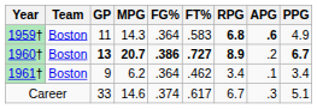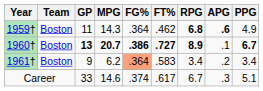 <table class="wikitable sortable" style="font-size:95%; text-align:right;">
 <tr>
 <th>Year</th>
 <th>Team</th>
 <th>GP</th>
 <th>MPG</th>
 <th>FG%</th>
 <th>FT%</th>
 <th>RPG</th>
 <th>APG</th>
 <th>PPG</th>
 </tr>
 <tr>
 <td style="text-align:left;background:#afe6ba;"><a href='#'>1959</a>†</td>
 <td style="text-align:left;"><a href='#'>Boston</a></td>
 <td>11</td>
 <td>14.3</td>
 <td>.364</td>
-<td>.583</td>
+<td>.462</td>
 <td><strong>6.8</strong></td>
 <td><strong>.6</strong></td>
 <td>4.9</td>
 </tr>
 <tr>
 <td style="text-align:left;background:#afe6ba;"><a href='#'>1960</a>†</td>
 <td style="text-align:left;"><a href='#'>Boston</a></td>
 <td><strong>13</strong></td>
 <td><strong>20.7</strong></td>
 <td><strong>.386</strong></td>
 <td><strong>.727</strong></td>
 <td><strong>8.9</strong></td>
-<td>.2</td>
+<td>.1</td>
 <td><strong>6.7</strong></td>
 </tr>
 <tr>
 <td style="text-align:left;background:#afe6ba;"><a href='#'>1961</a>†</td>
 <td style="text-align:left;"><a href='#'>Boston</a></td>
 <td>9</td>
 <td>6.2</td>
-<td>.364</td>
-<td>.462</td>
+<td style="background: lightsalmon;">.364</td>
+<td>.583</td>
 <td>3.4</td>
-<td>.1</td>
+<td>.2</td>
 <td>3.4</td>
 </tr>
 <tr class="sortbottom">
 <td style="text-align:center;" colspan="2">Career</td>
 <td>33</td>
 <td>14.6</td>
 <td>.374</td>
 <td>.617</td>
 <td>6.7</td>
 <td>.3</td>
 <td>5.1</td>
 </tr>
 </table>
